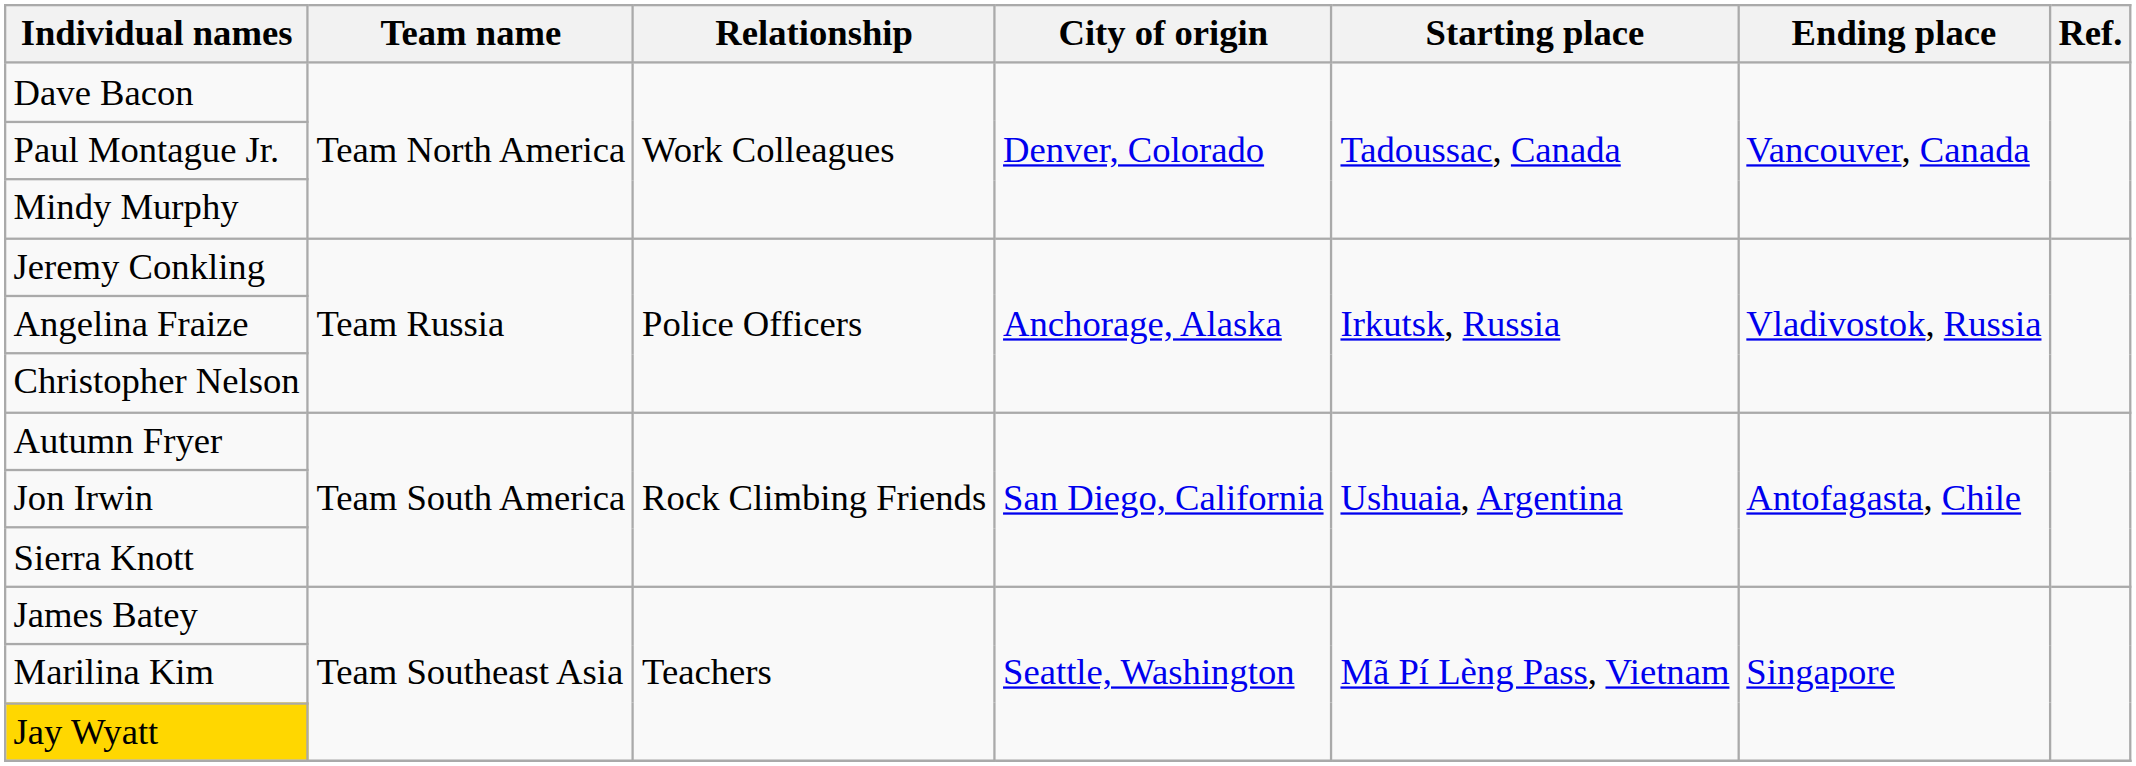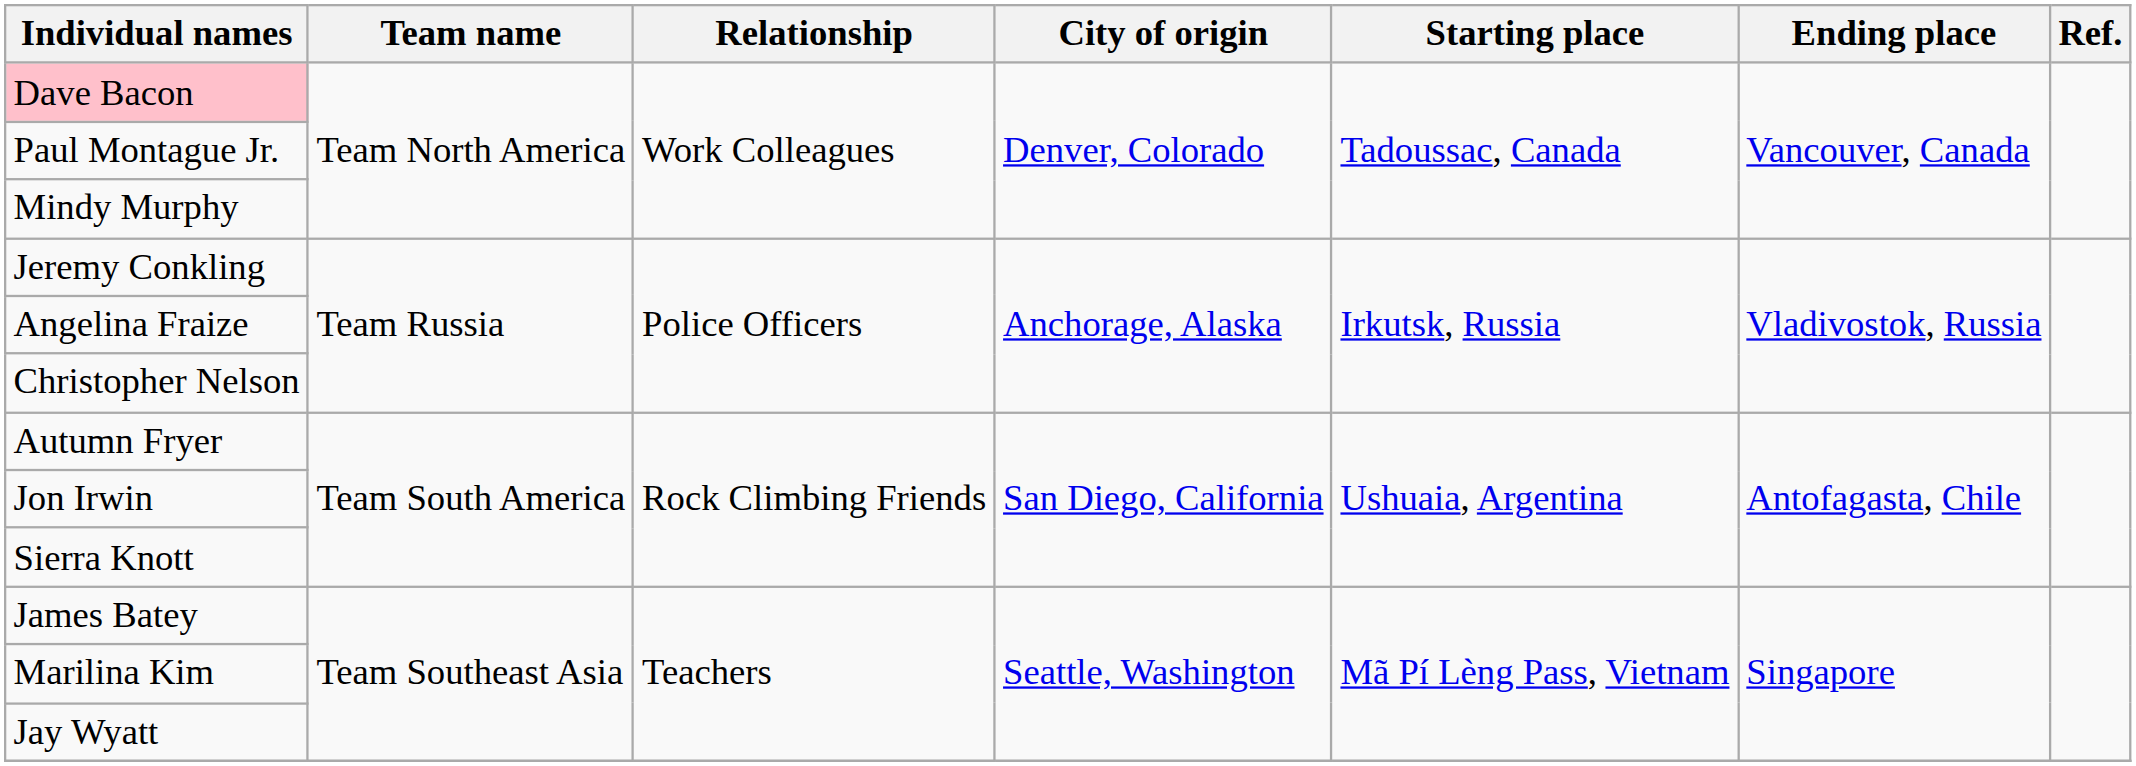 <table class="wikitable sortable">
 <tr>
 <th>Individual names</th>
 <th>Team name</th>
 <th>Relationship</th>
 <th>City of origin</th>
 <th>Starting place</th>
 <th>Ending place</th>
 <th>Ref.</th>
 </tr>
 <tr>
-<td>Dave Bacon</td>
+<td style="background: pink;">Dave Bacon</td>
 <td rowspan="3">Team North America</td>
 <td rowspan="3">Work Colleagues</td>
 <td rowspan="3"><a href='#'>Denver, Colorado</a></td>
 <td rowspan="3"><a href='#'>Tadoussac</a>, <a href='#'>Canada</a></td>
 <td rowspan="3"><a href='#'>Vancouver</a>, <a href='#'>Canada</a></td>
 <td rowspan="3"></td>
 </tr>
 <tr>
 <td>Paul Montague Jr.</td>
 </tr>
 <tr>
 <td>Mindy Murphy</td>
 </tr>
 <tr>
 <td>Jeremy Conkling</td>
 <td rowspan="3">Team Russia</td>
 <td rowspan="3">Police Officers</td>
 <td rowspan="3"><a href='#'>Anchorage, Alaska</a></td>
 <td rowspan="3"><a href='#'>Irkutsk</a>, <a href='#'>Russia</a></td>
 <td rowspan="3"><a href='#'>Vladivostok</a>, <a href='#'>Russia</a></td>
 <td rowspan="3"></td>
 </tr>
 <tr>
 <td>Angelina Fraize</td>
 </tr>
 <tr>
 <td>Christopher Nelson</td>
 </tr>
 <tr>
 <td>Autumn Fryer</td>
 <td rowspan="3">Team South America</td>
 <td rowspan="3">Rock Climbing Friends</td>
 <td rowspan="3"><a href='#'>San Diego, California</a></td>
 <td rowspan="3"><a href='#'>Ushuaia</a>, <a href='#'>Argentina</a></td>
 <td rowspan="3"><a href='#'>Antofagasta</a>, <a href='#'>Chile</a></td>
 <td rowspan="3"></td>
 </tr>
 <tr>
 <td>Jon Irwin</td>
 </tr>
 <tr>
 <td>Sierra Knott</td>
 </tr>
 <tr>
 <td>James Batey</td>
 <td rowspan="3">Team Southeast Asia</td>
 <td rowspan="3">Teachers</td>
 <td rowspan="3"><a href='#'>Seattle, Washington</a></td>
 <td rowspan="3"><a href='#'>Mã Pí Lèng Pass</a>, <a href='#'>Vietnam</a></td>
 <td rowspan="3"><a href='#'>Singapore</a></td>
 <td rowspan="3"></td>
 </tr>
 <tr>
 <td>Marilina Kim</td>
 </tr>
 <tr>
-<td style="background: gold;">Jay Wyatt</td>
+<td>Jay Wyatt</td>
 </tr>
 <tr>
 </tr>
 </table>
